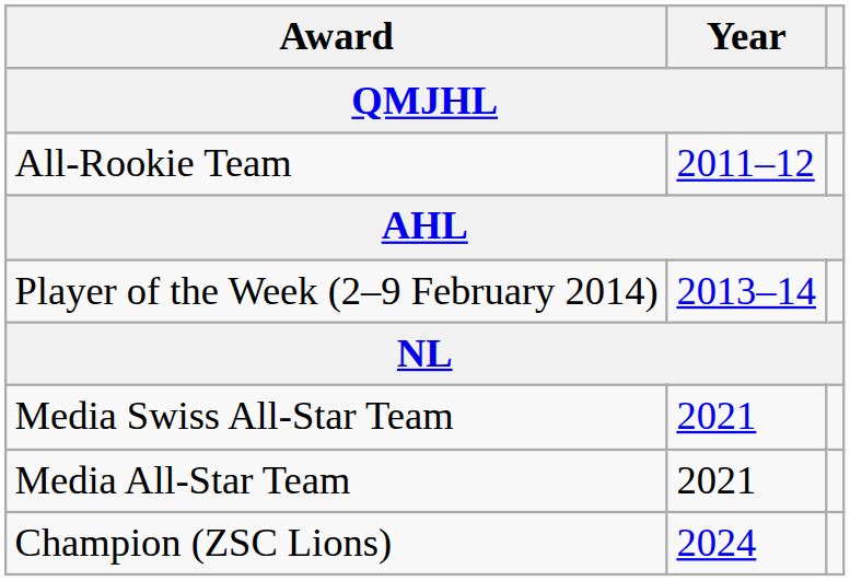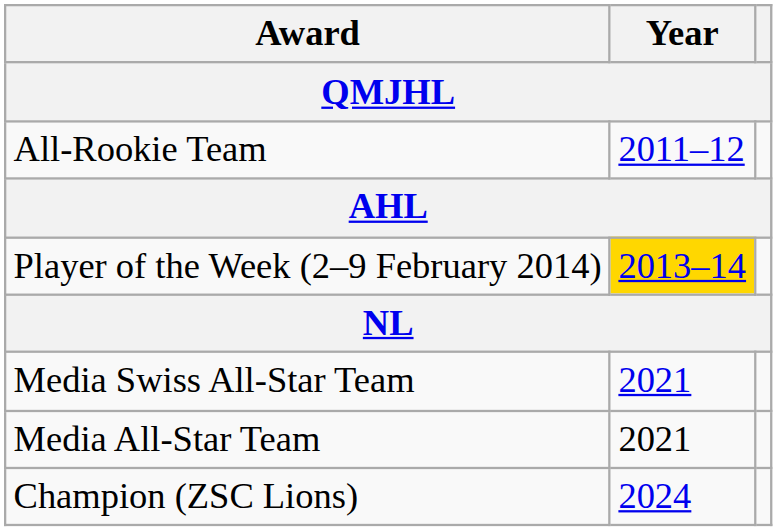 <table class="wikitable">
 <tr>
 <th>Award</th>
 <th>Year</th>
 <th></th>
 </tr>
 <tr ALIGN="center" bgcolor="#e0e0e0">
 <th colspan="3"><a href='#'>QMJHL</a></th>
 </tr>
 <tr>
 <td>All-Rookie Team</td>
 <td><a href='#'>2011–12</a></td>
 <td></td>
 </tr>
 <tr ALIGN="center" bgcolor="#e0e0e0">
 <th colspan="3"><a href='#'>AHL</a></th>
 </tr>
 <tr>
 <td>Player of the Week (2–9 February 2014)</td>
-<td><a href='#'>2013–14</a></td>
+<td style="background: gold;"><a href='#'>2013–14</a></td>
 <td></td>
 </tr>
 <tr>
 <th colspan="3"><a href='#'>NL</a></th>
 </tr>
 <tr>
 <td>Media Swiss All-Star Team</td>
 <td><a href='#'>2021</a></td>
 <td></td>
 </tr>
 <tr>
 <td>Media All-Star Team</td>
 <td>2021</td>
 <td></td>
 </tr>
 <tr>
 <td>Champion (ZSC Lions)</td>
 <td><a href='#'>2024</a></td>
 <td></td>
 </tr>
 </table>
